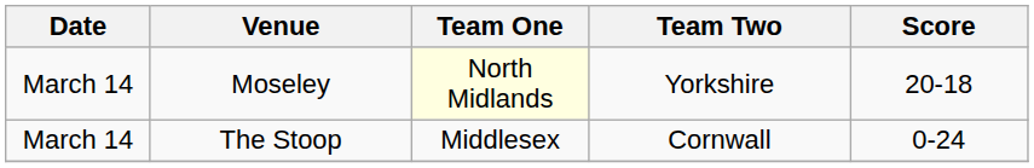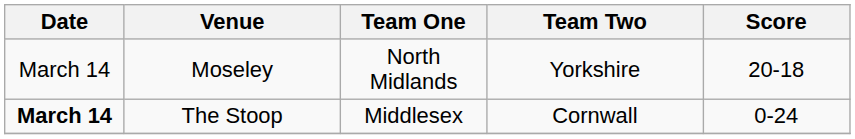 <table class="wikitable" style="text-align: center">
 <tr>
 <th width=80>Date</th>
 <th width=150>Venue</th>
 <th width=100>Team One</th>
 <th width=150>Team Two</th>
 <th width=100>Score</th>
 </tr>
 <tr>
 <td>March 14</td>
 <td>Moseley</td>
-<td style="background: lightyellow;">North Midlands</td>
+<td>North Midlands</td>
 <td>Yorkshire</td>
 <td>20-18</td>
 </tr>
 <tr>
-<td>March 14</td>
+<td><strong>March 14</strong></td>
 <td>The Stoop</td>
 <td>Middlesex</td>
 <td>Cornwall</td>
 <td>0-24</td>
 </tr>
 <tr>
 </tr>
 </table>
